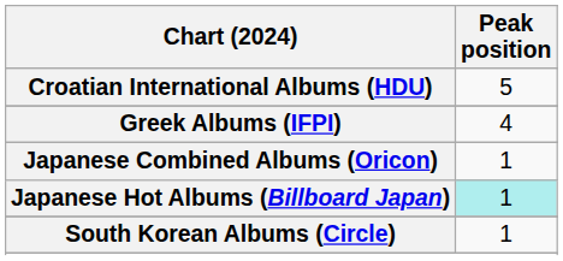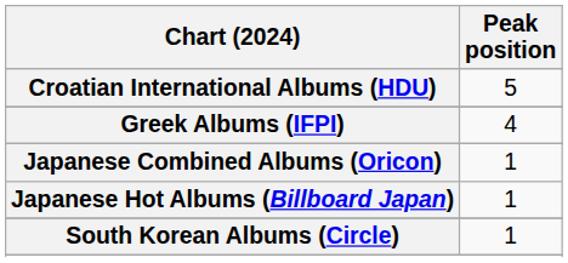 <table class="wikitable sortable plainrowheaders" style="text-align:center">
 <tr>
 <th scope="col">Chart (2024)</th>
 <th scope="col">Peak<br>position</th>
 </tr>
 <tr>
 </tr>
 <tr>
 </tr>
 <tr>
 </tr>
 <tr>
 <th scope="row">Croatian International Albums (<a href='#'>HDU</a>)</th>
 <td>5</td>
 </tr>
 <tr>
 </tr>
 <tr>
 <th scope="row">Greek Albums (<a href='#'>IFPI</a>)</th>
 <td>4</td>
 </tr>
 <tr>
 </tr>
 <tr>
 <th scope="row">Japanese Combined Albums (<a href='#'>Oricon</a>)</th>
 <td>1</td>
 </tr>
 <tr>
 <th scope="row">Japanese Hot Albums (<em><a href='#'>Billboard Japan</a></em>)</th>
-<td style="background: paleturquoise;">1</td>
+<td>1</td>
 </tr>
 <tr>
 </tr>
 <tr>
 <th scope="row">South Korean Albums (<a href='#'>Circle</a>)</th>
 <td>1</td>
 </tr>
 <tr>
 </tr>
 <tr>
 </tr>
 <tr>
 </tr>
 </table>
